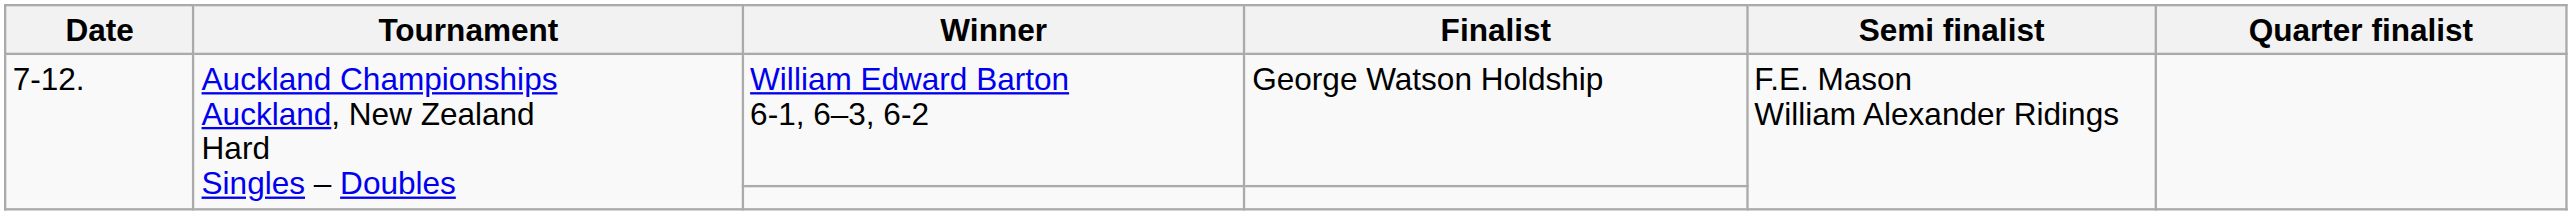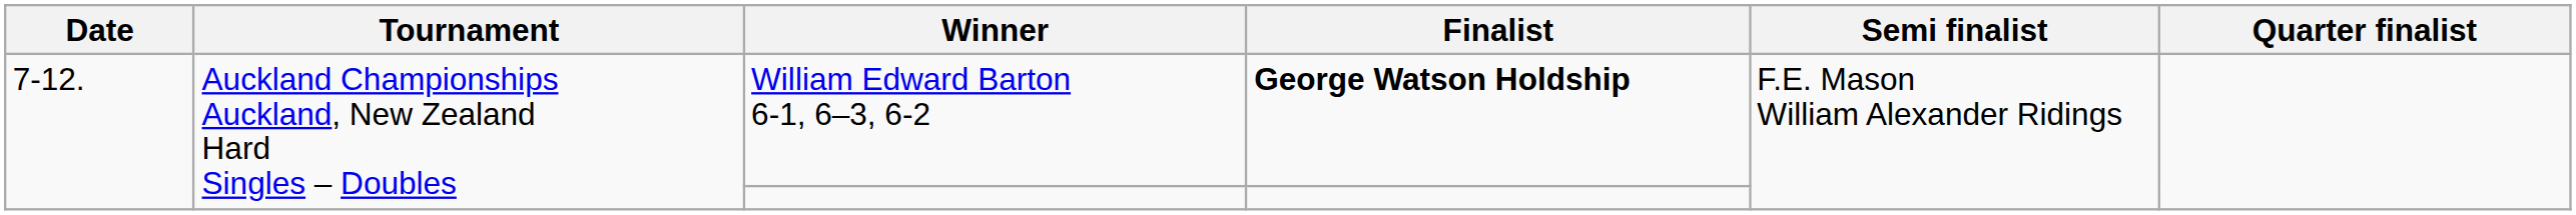 <table class="wikitable" style="font-size:85%;">
 <tr>
 <th width="75">Date</th>
 <th width="230">Tournament</th>
 <th width="210">Winner</th>
 <th width="210">Finalist</th>
 <th width="170">Semi finalist</th>
 <th width="170">Quarter finalist</th>
 </tr>
 <tr valign=top>
 <td rowspan=2>7-12.</td>
 <td rowspan=2><a href='#'>Auckland Championships</a><br><a href='#'>Auckland</a>, New Zealand<br>Hard<br><a href='#'>Singles</a> – <a href='#'>Doubles</a></td>
 <td> <a href='#'>William Edward Barton</a> <br>6-1, 6–3, 6-2</td>
-<td> George Watson Holdship</td>
+<td><strong> George Watson Holdship</strong></td>
 <td rowspan=2> F.E. Mason <br> William Alexander Ridings</td>
 <td rowspan=2></td>
 </tr>
 <tr valign=top>
 <td></td>
 <td></td>
 </tr>
 </table>
